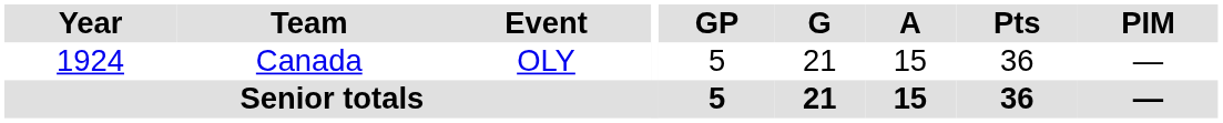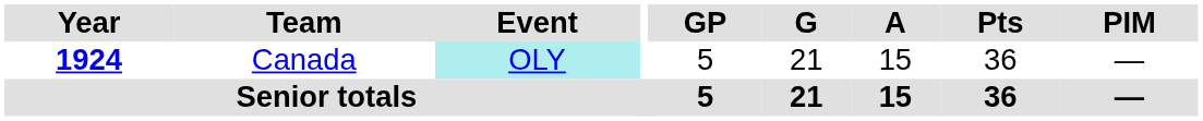 <table border="0" cellpadding="1" cellspacing="0" ID="Table3" style="text-align:center; width:40em">
 <tr bgcolor="#e0e0e0">
 <th>Year</th>
 <th>Team</th>
 <th>Event</th>
 <th rowspan="102" bgcolor="#ffffff"></th>
 <th>GP</th>
 <th>G</th>
 <th>A</th>
 <th>Pts</th>
 <th>PIM</th>
 </tr>
 <tr>
-<td><a href='#'>1924</a></td>
+<td><strong><a href='#'>1924</a></strong></td>
 <td><a href='#'>Canada</a></td>
-<td><a href='#'>OLY</a></td>
+<td style="background: paleturquoise;"><a href='#'>OLY</a></td>
 <td>5</td>
 <td>21</td>
 <td>15</td>
 <td>36</td>
 <td>—</td>
 </tr>
 <tr bgcolor="#e0e0e0">
 <th colspan="4">Senior totals</th>
 <th>5</th>
 <th>21</th>
 <th>15</th>
 <th>36</th>
 <th>—</th>
 </tr>
 </table>
